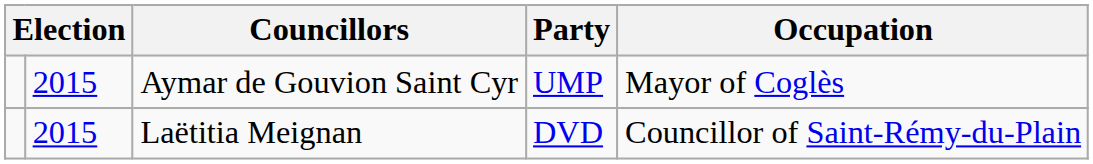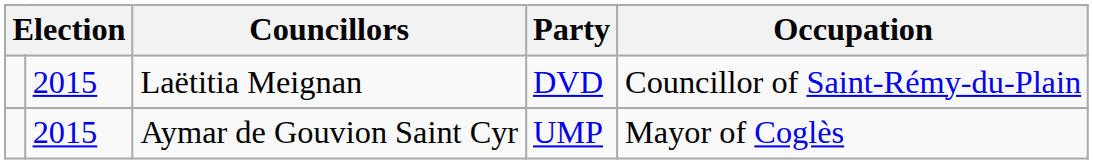 <table class="wikitable">
 <tr>
 <th colspan="2">Election</th>
 <th>Councillors</th>
 <th>Party</th>
 <th>Occupation</th>
 </tr>
 <tr>
 <td style="background-color: "></td>
 <td><a href='#'>2015</a></td>
+<td>Laëtitia Meignan</td>
+<td><a href='#'>DVD</a></td>
+<td>Councillor of <a href='#'>Saint-Rémy-du-Plain</a></td>
+</tr>
+<tr>
+<td style="background-color: "></td>
+<td><a href='#'>2015</a></td>
 <td>Aymar de Gouvion Saint Cyr</td>
 <td><a href='#'>UMP</a></td>
 <td>Mayor of <a href='#'>Coglès</a></td>
 </tr>
-<tr>
-<td style="background-color: "></td>
-<td><a href='#'>2015</a></td>
-<td>Laëtitia Meignan</td>
-<td><a href='#'>DVD</a></td>
-<td>Councillor of <a href='#'>Saint-Rémy-du-Plain</a></td>
-</tr>
 </table>
